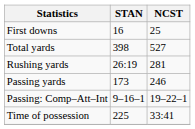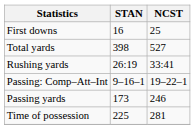 <table class="wikitable" style="float: left;">
 <tr>
 <th>Statistics</th>
 <th>STAN</th>
 <th>NCST</th>
 </tr>
 <tr>
 <td>First downs</td>
 <td>16</td>
 <td>25</td>
 </tr>
 <tr>
 <td>Total yards</td>
 <td>398</td>
 <td>527</td>
 </tr>
 <tr>
 <td>Rushing yards</td>
 <td>26:19</td>
-<td>281</td>
+<td>33:41</td>
+</tr>
+<tr>
+<td>Passing: Comp–Att–Int</td>
+<td>9–16–1</td>
+<td>19–22–1</td>
 </tr>
 <tr>
 <td>Passing yards</td>
 <td>173</td>
 <td>246</td>
 </tr>
 <tr>
-<td>Passing: Comp–Att–Int</td>
-<td>9–16–1</td>
-<td>19–22–1</td>
-</tr>
-<tr>
 <td>Time of possession</td>
 <td>225</td>
-<td>33:41</td>
+<td>281</td>
 </tr>
 <tr>
 </tr>
 </table>
